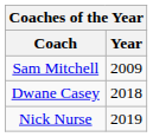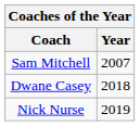 <table class="wikitable" style="text-align:center">
 <tr>
 <th colspan="2">Coaches of the Year</th>
 </tr>
 <tr>
 <th>Coach</th>
 <th>Year</th>
 </tr>
 <tr>
 <td><a href='#'>Sam Mitchell</a></td>
-<td>2009</td>
+<td>2007</td>
 </tr>
 <tr>
 <td><a href='#'>Dwane Casey</a></td>
 <td>2018</td>
 </tr>
 <tr>
 <td><a href='#'>Nick Nurse</a></td>
 <td>2019</td>
 </tr>
 </table>
